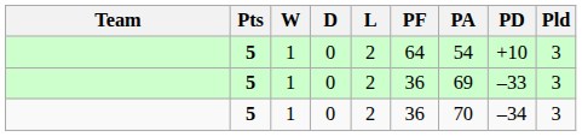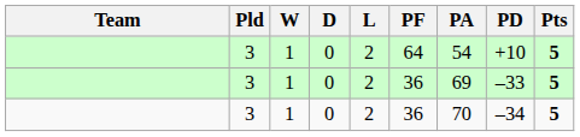 <table class="wikitable" style="text-align:center;">
 <tr>
 <th width=175>Team</th>
-<th width=25 abbr="Points">Pts</th>
+<th width=25 abbr="Played">Pld</th>
 <th width=25 abbr="Won">W</th>
 <th width=25 abbr="Drawn">D</th>
 <th width=25 abbr="Lost">L</th>
 <th width=32 abbr="Points for">PF</th>
 <th width=32 abbr="Points against">PA</th>
 <th width=32 abbr="Points difference">PD</th>
-<th width=25 abbr="Played">Pld</th>
+<th width=25 abbr="Points">Pts</th>
 </tr>
 <tr bgcolor=ccffcc>
 <td align=left></td>
-<td><strong>5</strong></td>
+<td>3</td>
 <td>1</td>
 <td>0</td>
 <td>2</td>
 <td>64</td>
 <td>54</td>
 <td>+10</td>
-<td>3</td>
+<td><strong>5</strong></td>
 </tr>
 <tr bgcolor=ccffcc>
 <td align=left></td>
-<td><strong>5</strong></td>
+<td>3</td>
 <td>1</td>
 <td>0</td>
 <td>2</td>
 <td>36</td>
 <td>69</td>
 <td>–33</td>
-<td>3</td>
+<td><strong>5</strong></td>
 </tr>
 <tr>
 <td align=left></td>
-<td><strong>5</strong></td>
+<td>3</td>
 <td>1</td>
 <td>0</td>
 <td>2</td>
 <td>36</td>
 <td>70</td>
 <td>–34</td>
-<td>3</td>
+<td><strong>5</strong></td>
 </tr>
 </table>
